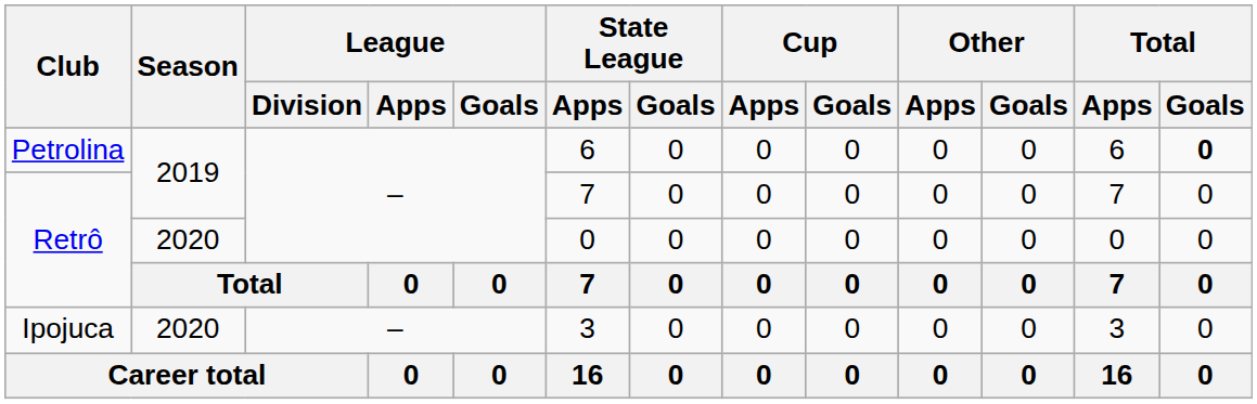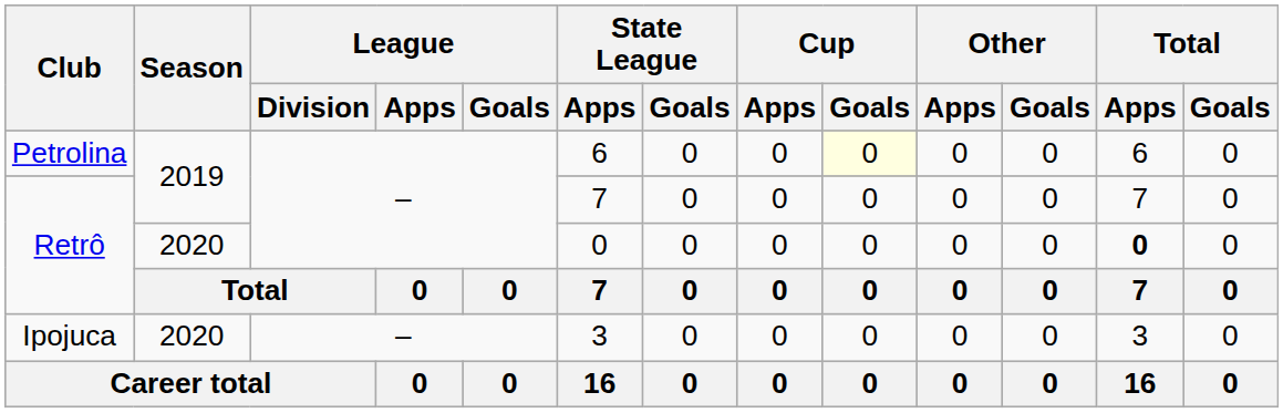 <table class="wikitable" style="text-align: center">
 <tr>
 <th rowspan="2">Club</th>
 <th rowspan="2">Season</th>
 <th colspan="3">League</th>
 <th colspan="2">State League</th>
 <th colspan="2">Cup</th>
 <th colspan="2">Other</th>
 <th colspan="2">Total</th>
 </tr>
 <tr>
 <th>Division</th>
 <th>Apps</th>
 <th>Goals</th>
 <th>Apps</th>
 <th>Goals</th>
 <th>Apps</th>
 <th>Goals</th>
 <th>Apps</th>
 <th>Goals</th>
 <th>Apps</th>
 <th>Goals</th>
 </tr>
 <tr>
 <td><a href='#'>Petrolina</a></td>
 <td rowspan="2">2019</td>
 <td colspan="3" rowspan="3">–</td>
 <td>6</td>
 <td>0</td>
 <td>0</td>
-<td>0</td>
+<td style="background: lightyellow;">0</td>
 <td>0</td>
 <td>0</td>
 <td>6</td>
-<td><strong>0</strong></td>
+<td>0</td>
 </tr>
 <tr>
 <td rowspan="3"><a href='#'>Retrô</a></td>
 <td>7</td>
 <td>0</td>
 <td>0</td>
 <td>0</td>
 <td>0</td>
 <td>0</td>
 <td>7</td>
 <td>0</td>
 </tr>
 <tr>
 <td>2020</td>
 <td>0</td>
 <td>0</td>
 <td>0</td>
 <td>0</td>
 <td>0</td>
 <td>0</td>
-<td>0</td>
+<td><strong>0</strong></td>
 <td>0</td>
 </tr>
 <tr>
 <th colspan="2"><strong>Total</strong></th>
 <th>0</th>
 <th>0</th>
 <th>7</th>
 <th>0</th>
 <th>0</th>
 <th>0</th>
 <th>0</th>
 <th>0</th>
 <th>7</th>
 <th>0</th>
 </tr>
 <tr>
 <td>Ipojuca</td>
 <td>2020</td>
 <td colspan="3">–</td>
 <td>3</td>
 <td>0</td>
 <td>0</td>
 <td>0</td>
 <td>0</td>
 <td>0</td>
 <td>3</td>
 <td>0</td>
 </tr>
 <tr>
 <th colspan="3"><strong>Career total</strong></th>
 <th>0</th>
 <th>0</th>
 <th>16</th>
 <th>0</th>
 <th>0</th>
 <th>0</th>
 <th>0</th>
 <th>0</th>
 <th>16</th>
 <th>0</th>
 </tr>
 </table>
